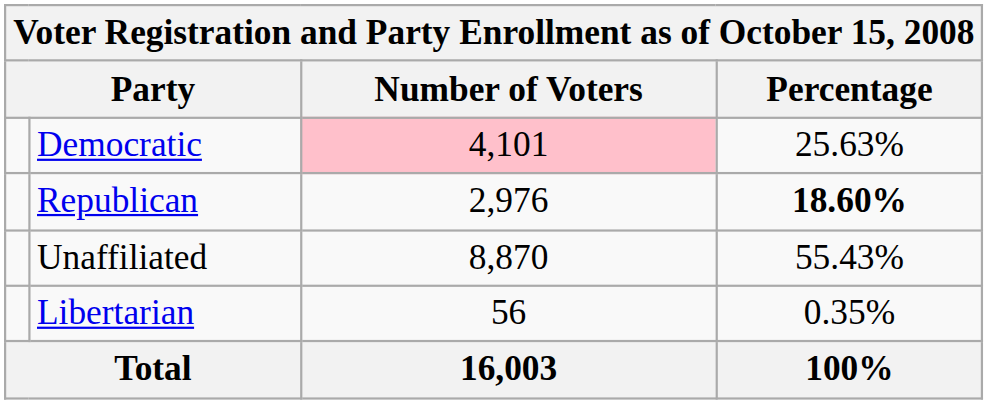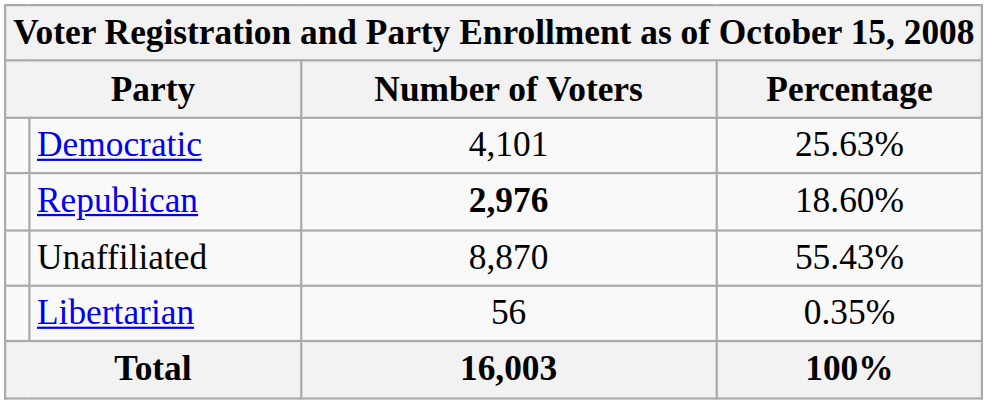 <table class=wikitable>
 <tr>
 <th colspan = 6>Voter Registration and Party Enrollment as of October 15, 2008</th>
 </tr>
 <tr>
 <th colspan = 2>Party</th>
 <th>Number of Voters</th>
 <th>Percentage</th>
 </tr>
 <tr>
 <td></td>
 <td><a href='#'>Democratic</a></td>
-<td align = center style="background: pink;">4,101</td>
+<td align = center>4,101</td>
 <td align = center>25.63%</td>
 </tr>
 <tr>
 <td></td>
 <td><a href='#'>Republican</a></td>
-<td align = center>2,976</td>
-<td align = center><strong>18.60%</strong></td>
+<td align = center><strong>2,976</strong></td>
+<td align = center>18.60%</td>
 </tr>
 <tr>
 <td></td>
 <td>Unaffiliated</td>
 <td align = center>8,870</td>
 <td align = center>55.43%</td>
 </tr>
 <tr>
 <td></td>
 <td><a href='#'>Libertarian</a></td>
 <td align = center>56</td>
 <td align = center>0.35%</td>
 </tr>
 <tr>
 <th colspan = 2>Total</th>
 <th align = center>16,003</th>
 <th align = center>100%</th>
 </tr>
 </table>
